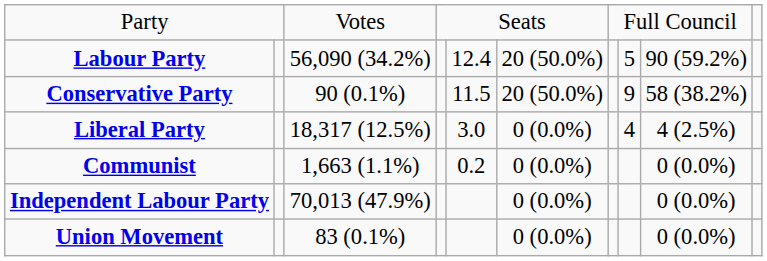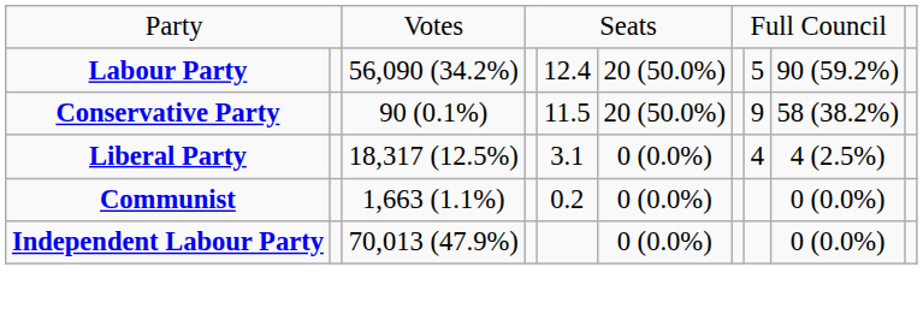 <table class=wikitable style="text-align:center;">
 <tr>
 <td colspan=2>Party</td>
 <td colspa1475n=3>Votes</td>
 <td colspan=3>Seats</td>
 <td colspan=3>Full Council</td>
 </tr>
 <tr>
 <td><strong><a href='#'>Labour Party</a></strong></td>
 <td style="background:"></td>
 <td>56,090 (34.2%)</td>
 <td></td>
 <td> 12.4</td>
 <td>20 (50.0%)</td>
 <td></td>
 <td> 5</td>
 <td>90 (59.2%)</td>
 <td></td>
 </tr>
 <tr>
 <td><strong><a href='#'>Conservative Party</a></strong></td>
 <td style="background:"></td>
 <td>90 (0.1%)</td>
 <td></td>
 <td> 11.5</td>
 <td>20 (50.0%)</td>
 <td></td>
 <td> 9</td>
 <td>58 (38.2%)</td>
 <td></td>
 </tr>
 <tr>
 <td><strong><a href='#'>Liberal Party</a></strong></td>
 <td style="background:"></td>
 <td>18,317 (12.5%)</td>
 <td></td>
-<td> 3.0</td>
+<td> 3.1</td>
 <td>0 (0.0%)</td>
 <td></td>
 <td> 4</td>
 <td>4 (2.5%)</td>
 <td></td>
 </tr>
 <tr>
 <td><strong><a href='#'>Communist</a></strong></td>
 <td style="background:"></td>
 <td>1,663 (1.1%)</td>
 <td></td>
 <td> 0.2</td>
 <td>0 (0.0%)</td>
 <td></td>
 <td></td>
 <td>0 (0.0%)</td>
 <td></td>
 </tr>
 <tr>
 <td><strong><a href='#'>Independent Labour Party</a></strong></td>
 <td style="background:"></td>
 <td>70,013 (47.9%)</td>
 <td></td>
 <td></td>
 <td>0 (0.0%)</td>
 <td></td>
 <td></td>
 <td>0 (0.0%)</td>
 <td></td>
 </tr>
-<tr>
-<td><strong><a href='#'>Union Movement</a></strong></td>
-<td style="background:"></td>
-<td>83 (0.1%)</td>
-<td></td>
-<td></td>
-<td>0 (0.0%)</td>
-<td></td>
-<td></td>
-<td>0 (0.0%)</td>
-<td></td>
-</tr>
 </table>
